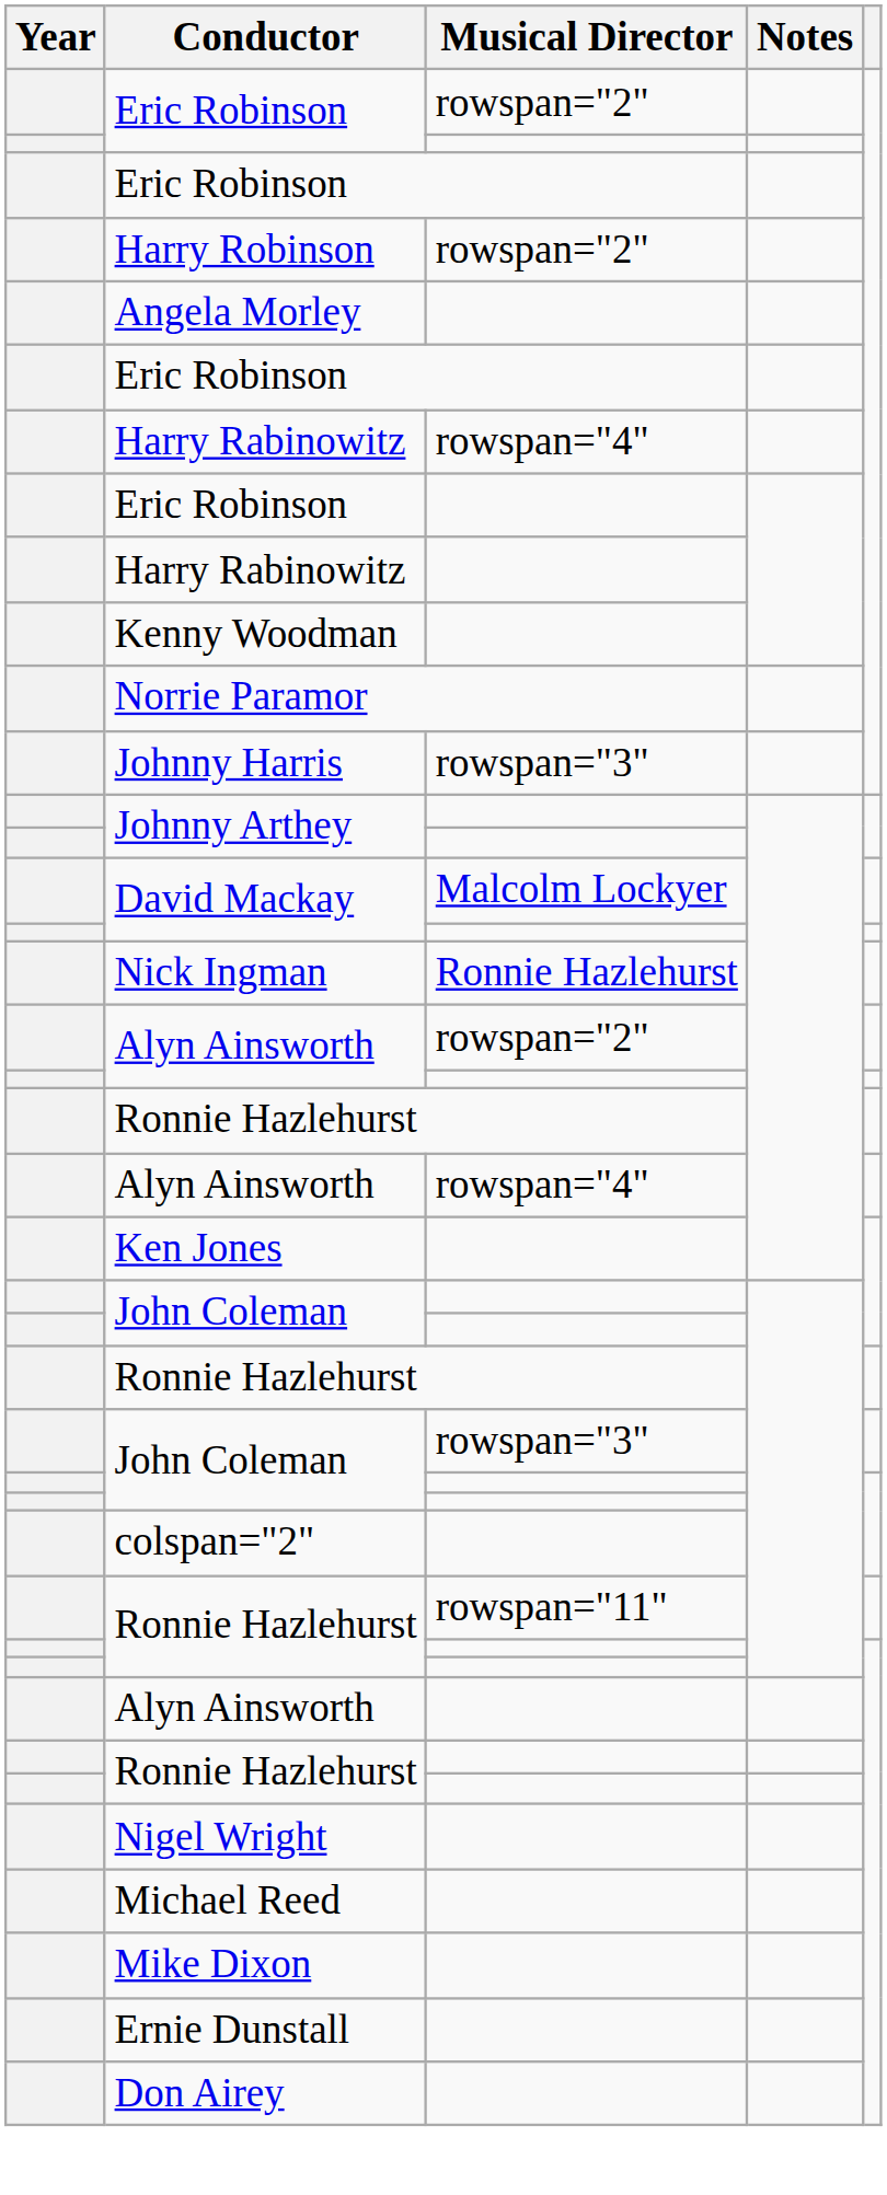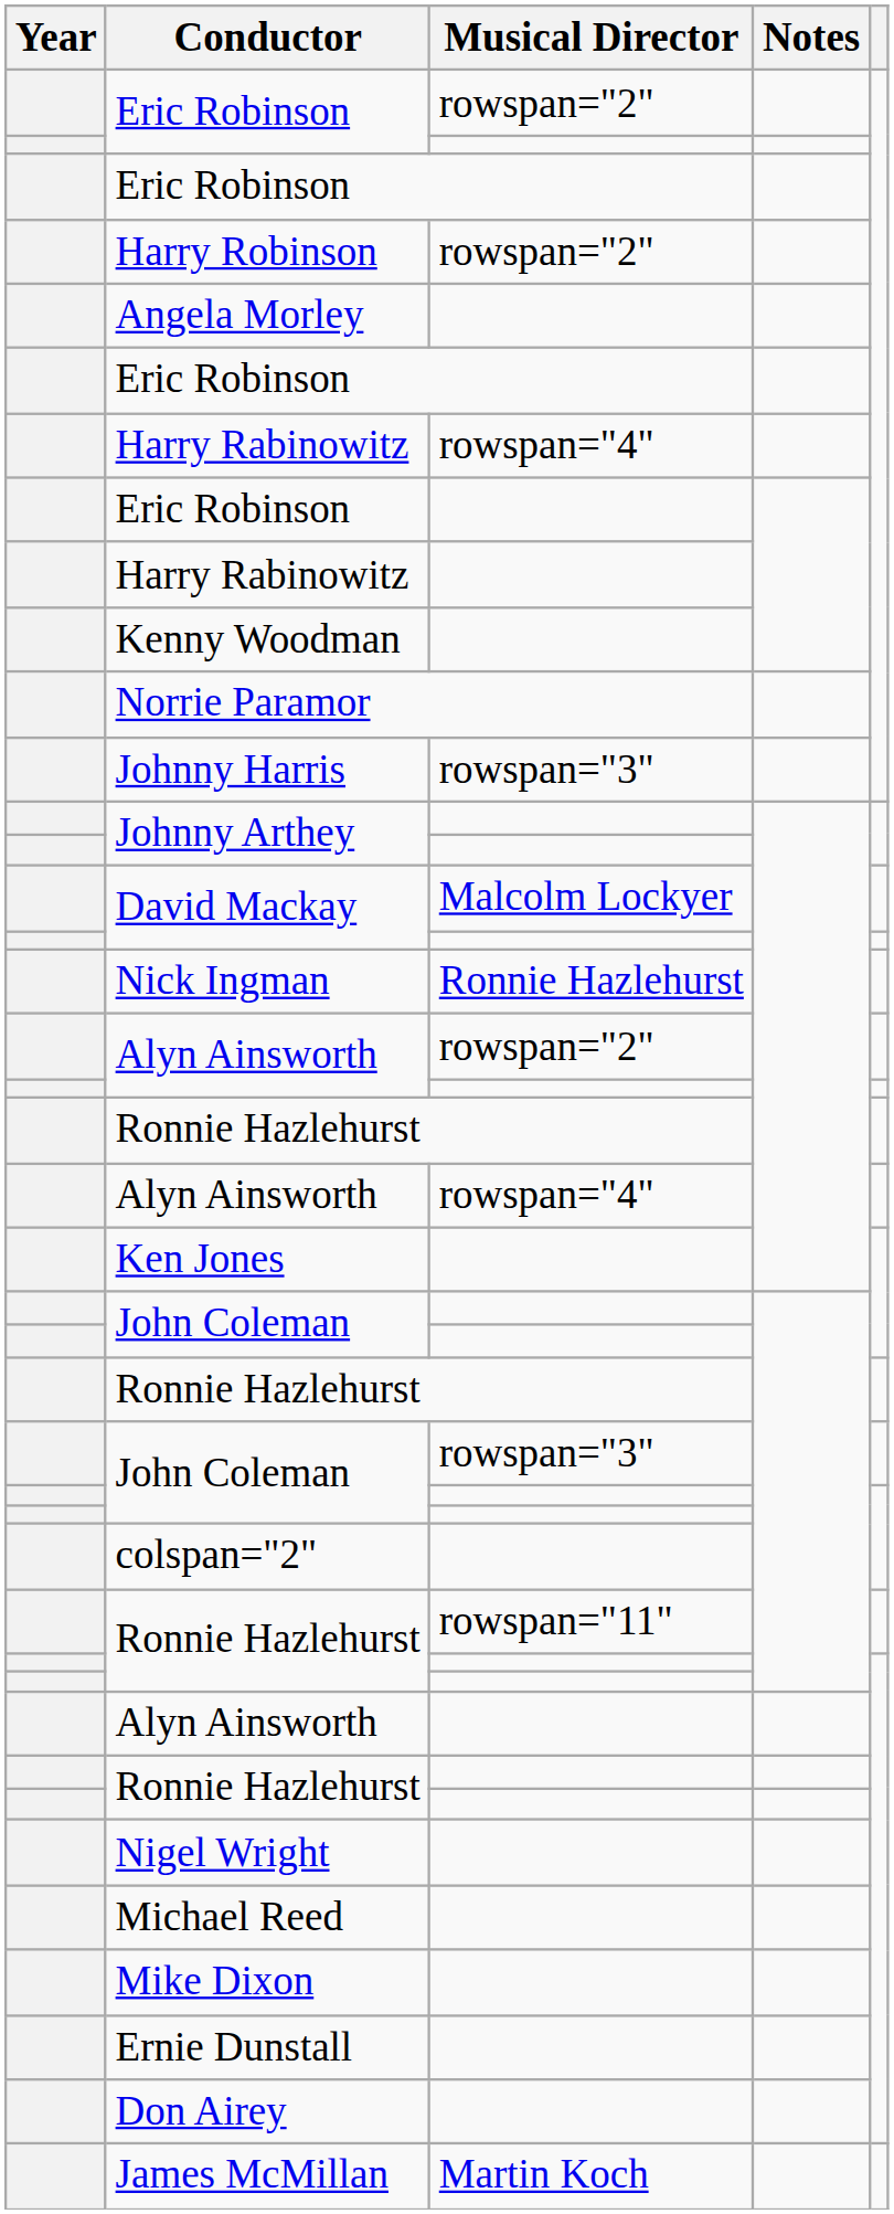 <table class="wikitable plainrowheaders">
 <tr>
 <th>Year</th>
 <th>Conductor</th>
 <th>Musical Director</th>
 <th>Notes</th>
 <th></th>
 </tr>
 <tr>
 <th scope="row"></th>
 <td rowspan="2"><a href='#'>Eric Robinson</a></td>
 <td>rowspan="2" </td>
 <td></td>
 <td rowspan="12"></td>
 </tr>
 <tr>
 <th scope="row"></th>
 <td></td>
 </tr>
 <tr>
 <th scope="row"></th>
 <td colspan="2">Eric Robinson</td>
 <td></td>
 </tr>
 <tr>
 <th scope="row"></th>
 <td><a href='#'>Harry Robinson</a></td>
 <td>rowspan="2" </td>
 <td></td>
 </tr>
 <tr>
 <th scope="row"></th>
 <td><a href='#'>Angela Morley</a></td>
 <td></td>
 </tr>
 <tr>
 <th scope="row"></th>
 <td colspan="2">Eric Robinson</td>
 <td></td>
 </tr>
 <tr>
 <th scope="row"></th>
 <td><a href='#'>Harry Rabinowitz</a></td>
 <td>rowspan="4" </td>
 <td></td>
 </tr>
 <tr>
 <th scope="row"></th>
 <td>Eric Robinson</td>
 <td></td>
 </tr>
 <tr>
 <th scope="row"></th>
 <td>Harry Rabinowitz</td>
 <td></td>
 </tr>
 <tr>
 <th scope="row"></th>
 <td>Kenny Woodman</td>
 <td></td>
 </tr>
 <tr>
 <th scope="row"></th>
 <td colspan="2"><a href='#'>Norrie Paramor</a></td>
 <td></td>
 </tr>
 <tr>
 <th scope="row"></th>
 <td><a href='#'>Johnny Harris</a></td>
 <td>rowspan="3" </td>
 <td></td>
 </tr>
 <tr>
 <th scope="row"></th>
 <td rowspan="2"><a href='#'>Johnny Arthey</a></td>
 <td></td>
 <td rowspan="10"></td>
 </tr>
 <tr>
 <th scope="row"></th>
 <td></td>
 </tr>
 <tr>
 <th scope="row"></th>
 <td rowspan="2"><a href='#'>David Mackay</a></td>
 <td><a href='#'>Malcolm Lockyer</a></td>
 <td></td>
 </tr>
 <tr>
 <th scope="row"></th>
 <td></td>
 <td></td>
 </tr>
 <tr>
 <th scope="row"></th>
 <td><a href='#'>Nick Ingman</a></td>
 <td><a href='#'>Ronnie Hazlehurst</a></td>
 <td></td>
 </tr>
 <tr>
 <th scope="row"></th>
 <td rowspan="2"><a href='#'>Alyn Ainsworth</a></td>
 <td>rowspan="2" </td>
 <td></td>
 </tr>
 <tr>
 <th scope="row"></th>
 <td></td>
 </tr>
 <tr>
 <th scope="row"></th>
 <td colspan="2">Ronnie Hazlehurst</td>
 <td></td>
 </tr>
 <tr>
 <th scope="row"></th>
 <td>Alyn Ainsworth</td>
 <td>rowspan="4" </td>
 <td></td>
 </tr>
 <tr>
 <th scope="row"></th>
 <td><a href='#'>Ken Jones</a></td>
 <td></td>
 </tr>
 <tr>
 <th scope="row"></th>
 <td rowspan="2"><a href='#'>John Coleman</a></td>
 <td></td>
 <td rowspan="10"></td>
 </tr>
 <tr>
 <th scope="row"></th>
 <td></td>
 </tr>
 <tr>
 <th scope="row"></th>
 <td colspan="2">Ronnie Hazlehurst</td>
 <td></td>
 </tr>
 <tr>
 <th scope="row"></th>
 <td rowspan="3">John Coleman</td>
 <td>rowspan="3" </td>
 <td></td>
 </tr>
 <tr>
 <th scope="row"></th>
 <td></td>
 </tr>
 <tr>
 <th scope="row"></th>
 <td></td>
 </tr>
 <tr>
 <th scope="row"></th>
 <td>colspan="2" </td>
 <td></td>
 </tr>
 <tr>
 <th scope="row"></th>
 <td rowspan="3">Ronnie Hazlehurst</td>
 <td>rowspan="11" </td>
 <td></td>
 </tr>
 <tr>
 <th scope="row"></th>
 <td></td>
 </tr>
 <tr>
 <th scope="row"></th>
 <td></td>
 </tr>
 <tr>
 <th scope="row"></th>
 <td>Alyn Ainsworth</td>
 <td></td>
 <td></td>
 </tr>
 <tr>
 <th scope="row"></th>
 <td rowspan="2">Ronnie Hazlehurst</td>
 <td></td>
 <td></td>
 </tr>
 <tr>
 <th scope="row"></th>
 <td></td>
 <td></td>
 </tr>
 <tr>
 <th scope="row"></th>
 <td><a href='#'>Nigel Wright</a></td>
 <td></td>
 <td></td>
 </tr>
 <tr>
 <th scope="row"></th>
 <td>Michael Reed</td>
 <td></td>
 <td></td>
 </tr>
 <tr>
 <th scope="row"></th>
 <td><a href='#'>Mike Dixon</a></td>
 <td></td>
 <td></td>
 </tr>
 <tr>
 <th scope="row"></th>
 <td>Ernie Dunstall</td>
 <td></td>
 <td></td>
 </tr>
 <tr>
 <th scope="row"></th>
 <td><a href='#'>Don Airey</a></td>
 <td></td>
 <td></td>
 </tr>
+<tr>
+<th scope="row"></th>
+<td><a href='#'>James McMillan</a></td>
+<td><a href='#'>Martin Koch</a></td>
+<td></td>
+<td></td>
+</tr>
 </table>
